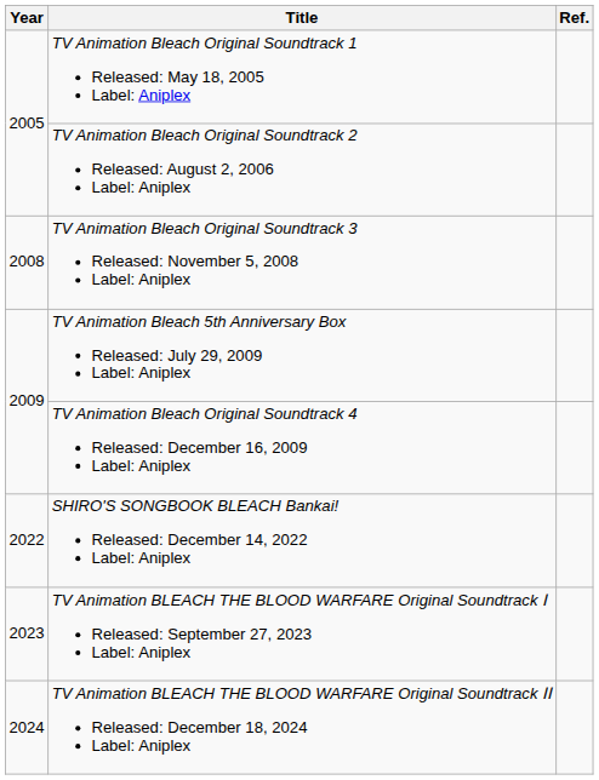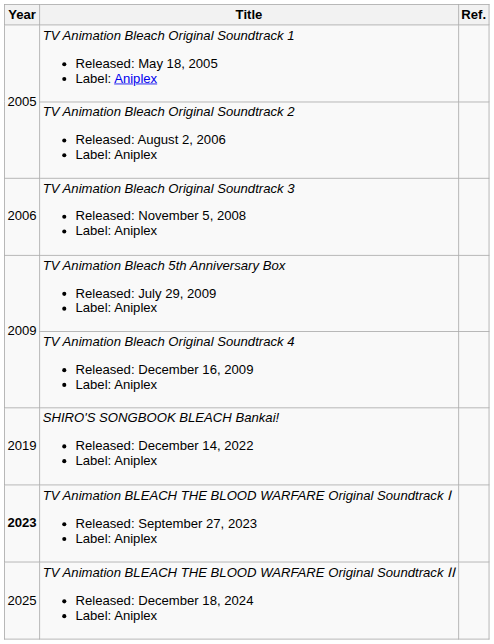 <table class="wikitable">
 <tr>
 <th>Year</th>
 <th>Title</th>
 <th>Ref.</th>
 </tr>
 <tr>
 <td style="text-align:center;" rowspan="2">2005</td>
 <td align="left"><em>TV Animation Bleach Original Soundtrack 1</em><br><ul><li>Released: May 18, 2005</li><li>Label: <a href='#'>Aniplex</a></li></ul></td>
 <td style="text-align:center;"></td>
 </tr>
 <tr>
 <td align="left"><em>TV Animation Bleach Original Soundtrack 2</em><br><ul><li>Released: August 2, 2006</li><li>Label: Aniplex</li></ul></td>
 <td style="text-align:center;"></td>
 </tr>
 <tr>
-<td style="text-align:center;">2008</td>
+<td style="text-align:center;">2006</td>
 <td align="left"><em>TV Animation Bleach Original Soundtrack 3</em><br><ul><li>Released: November 5, 2008</li><li>Label: Aniplex</li></ul></td>
 <td style="text-align:center;"></td>
 </tr>
 <tr>
 <td style="text-align:center;" rowspan="2">2009</td>
 <td align="left"><em>TV Animation Bleach 5th Anniversary Box</em><br><ul><li>Released: July 29, 2009</li><li>Label: Aniplex</li></ul></td>
 <td style="text-align:center;"></td>
 </tr>
 <tr>
 <td align="left"><em>TV Animation Bleach Original Soundtrack 4</em><br><ul><li>Released: December 16, 2009</li><li>Label: Aniplex</li></ul></td>
 <td style="text-align:center;"></td>
 </tr>
 <tr>
-<td style="text-align:center;">2022</td>
+<td style="text-align:center;">2019</td>
 <td align="left"><em>SHIRO'S SONGBOOK BLEACH Bankai!</em><br><ul><li>Released: December 14, 2022</li><li>Label: Aniplex</li></ul></td>
 <td style="text-align:center;"></td>
 </tr>
 <tr>
-<td style="text-align:center;">2023</td>
+<td style="text-align:center;"><strong>2023</strong></td>
 <td align="left"><em>TV Animation BLEACH THE BLOOD WARFARE Original Soundtrack Ⅰ</em><br><ul><li>Released: September 27, 2023</li><li>Label: Aniplex</li></ul></td>
 <td style="text-align:center;"></td>
 </tr>
 <tr>
-<td style="text-align:center;">2024</td>
+<td style="text-align:center;">2025</td>
 <td align="left"><em>TV Animation BLEACH THE BLOOD WARFARE Original Soundtrack ⅠⅠ</em><br><ul><li>Released: December 18, 2024</li><li>Label: Aniplex</li></ul></td>
 <td style="text-align:center;"></td>
 </tr>
 </table>
